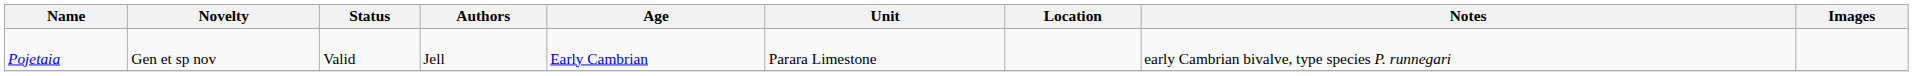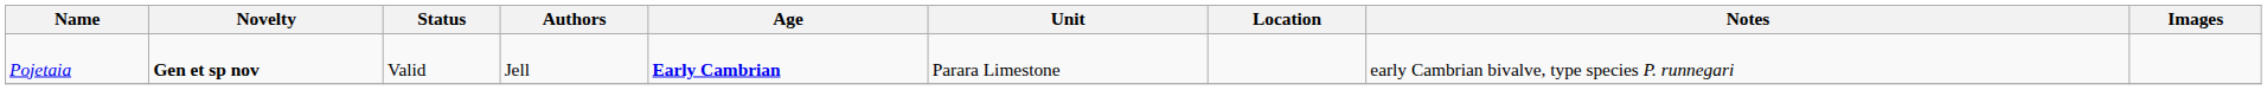 <table class="wikitable sortable" align="center" width="100%">
 <tr>
 <th>Name</th>
 <th>Novelty</th>
 <th>Status</th>
 <th>Authors</th>
 <th>Age</th>
 <th>Unit</th>
 <th>Location</th>
 <th>Notes</th>
 <th>Images</th>
 </tr>
 <tr>
 <td><br><em><a href='#'>Pojetaia</a></em></td>
-<td><br>Gen et sp nov</td>
+<td><strong><br>Gen et sp nov</strong></td>
 <td><br>Valid</td>
 <td><br>Jell</td>
-<td><br><a href='#'>Early Cambrian</a></td>
+<td><strong><br><a href='#'>Early Cambrian</a></strong></td>
 <td><br>Parara Limestone</td>
 <td><br></td>
 <td><br>early Cambrian bivalve, type species <em>P. runnegari</em></td>
 <td></td>
 </tr>
 <tr>
 </tr>
 </table>
